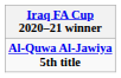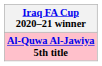 <table class="wikitable" style="text-align: center; margin: 0 auto;">
 <tr>
 <th><a href='#'>Iraq FA Cup</a><br>2020–21 winner</th>
 </tr>
 <tr>
-<td><strong><a href='#'>Al-Quwa Al-Jawiya</a></strong><br><strong>5th title</strong></td>
+<td style="background: pink;"><strong><a href='#'>Al-Quwa Al-Jawiya</a></strong><br><strong>5th title</strong></td>
 </tr>
 </table>
